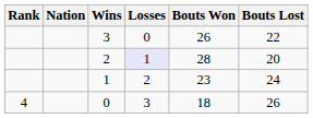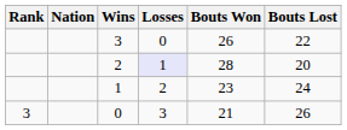 <table class="wikitable sortable" style="text-align:center">
 <tr>
 <th>Rank</th>
 <th>Nation</th>
 <th>Wins</th>
 <th>Losses</th>
 <th>Bouts Won</th>
 <th>Bouts Lost</th>
 </tr>
 <tr>
 <td></td>
 <td align=left></td>
 <td>3</td>
 <td>0</td>
 <td>26</td>
 <td>22</td>
 </tr>
 <tr>
 <td></td>
 <td align=left></td>
 <td>2</td>
 <td style="background: lavender;">1</td>
 <td>28</td>
 <td>20</td>
 </tr>
 <tr>
 <td></td>
 <td align=left></td>
 <td>1</td>
 <td>2</td>
 <td>23</td>
 <td>24</td>
 </tr>
 <tr>
-<td>4</td>
+<td>3</td>
 <td align=left></td>
 <td>0</td>
 <td>3</td>
-<td>18</td>
+<td>21</td>
 <td>26</td>
 </tr>
 </table>
